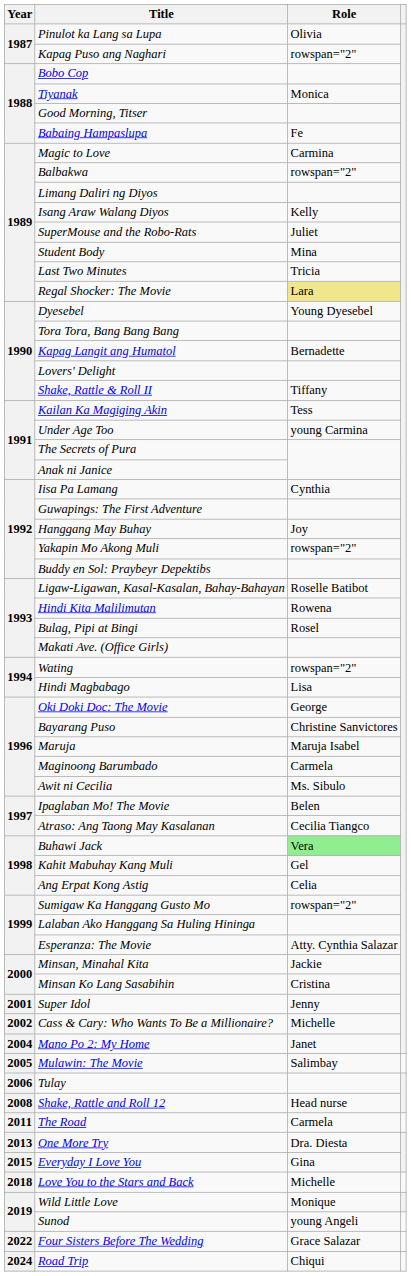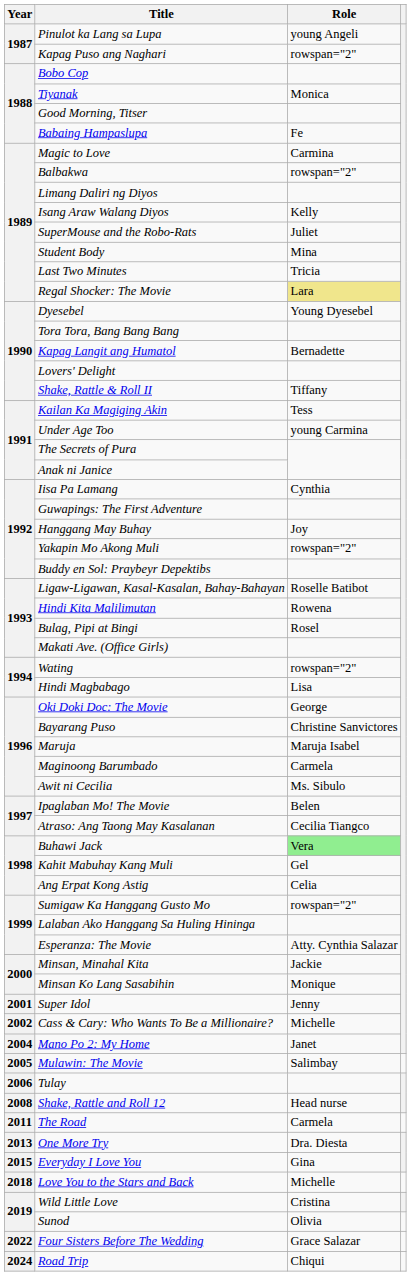 <table class="wikitable sortable plainrowheaders">
 <tr>
 <th scope="col">Year</th>
 <th scope="col">Title</th>
 <th scope="col">Role</th>
 <th scope="col"></th>
 </tr>
 <tr>
 <th scope="row" rowspan="2">1987</th>
 <td><em>Pinulot ka Lang sa Lupa</em></td>
-<td>Olivia</td>
+<td>young Angeli</td>
 <th rowspan="52" style="text-align: center;"></th>
 </tr>
 <tr>
 <td><em>Kapag Puso ang Naghari</em></td>
 <td>rowspan="2" </td>
 </tr>
 <tr>
 <th scope="row" rowspan="4">1988</th>
 <td><em><a href='#'>Bobo Cop</a></em></td>
 </tr>
 <tr>
 <td><em><a href='#'>Tiyanak</a></em></td>
 <td>Monica</td>
 </tr>
 <tr>
 <td><em>Good Morning, Titser</em></td>
 <td></td>
 </tr>
 <tr>
 <td><em><a href='#'>Babaing Hampaslupa</a></em></td>
 <td>Fe</td>
 </tr>
 <tr>
 <th scope="row" rowspan="8">1989</th>
 <td><em>Magic to Love</em></td>
 <td>Carmina</td>
 </tr>
 <tr>
 <td><em>Balbakwa</em></td>
 <td>rowspan="2" </td>
 </tr>
 <tr>
 <td><em>Limang Daliri ng Diyos</em></td>
 </tr>
 <tr>
 <td><em>Isang Araw Walang Diyos</em></td>
 <td>Kelly</td>
 </tr>
 <tr>
 <td><em>SuperMouse and the Robo-Rats</em></td>
 <td>Juliet</td>
 </tr>
 <tr>
 <td><em>Student Body</em></td>
 <td>Mina</td>
 </tr>
 <tr>
 <td><em>Last Two Minutes</em></td>
 <td>Tricia</td>
 </tr>
 <tr>
 <td><em>Regal Shocker: The Movie</em></td>
 <td style="background: khaki;">Lara</td>
 </tr>
 <tr>
 <th scope="row" rowspan="5">1990</th>
 <td><em>Dyesebel</em> </td>
 <td>Young Dyesebel</td>
 </tr>
 <tr>
 <td><em>Tora Tora, Bang Bang Bang</em> </td>
 <td></td>
 </tr>
 <tr>
 <td><em><a href='#'>Kapag Langit ang Humatol</a></em></td>
 <td>Bernadette</td>
 </tr>
 <tr>
 <td><em>Lovers' Delight</em> </td>
 <td></td>
 </tr>
 <tr>
 <td><em><a href='#'>Shake, Rattle & Roll II</a></em> </td>
 <td>Tiffany</td>
 </tr>
 <tr>
 <th scope="row" rowspan="4">1991</th>
 <td><em><a href='#'>Kailan Ka Magiging Akin</a></em></td>
 <td>Tess</td>
 </tr>
 <tr>
 <td><em>Under Age Too</em></td>
 <td>young Carmina</td>
 </tr>
 <tr>
 <td><em>The Secrets of Pura</em></td>
 <td rowspan="2"></td>
 </tr>
 <tr>
 <td><em>Anak ni Janice</em></td>
 </tr>
 <tr>
 <th scope="row" rowspan="5">1992</th>
 <td><em>Iisa Pa Lamang</em></td>
 <td>Cynthia</td>
 </tr>
 <tr>
 <td><em>Guwapings: The First Adventure</em></td>
 <td></td>
 </tr>
 <tr>
 <td><em>Hanggang May Buhay</em></td>
 <td>Joy</td>
 </tr>
 <tr>
 <td><em>Yakapin Mo Akong Muli</em></td>
 <td>rowspan="2" </td>
 </tr>
 <tr>
 <td><em>Buddy en Sol: Praybeyr Depektibs</em></td>
 </tr>
 <tr>
 <th scope="row" rowspan="4">1993</th>
 <td><em>Ligaw-Ligawan, Kasal-Kasalan, Bahay-Bahayan</em></td>
 <td>Roselle Batibot</td>
 </tr>
 <tr>
 <td><em><a href='#'>Hindi Kita Malilimutan</a></em></td>
 <td>Rowena</td>
 </tr>
 <tr>
 <td><em>Bulag, Pipi at Bingi</em></td>
 <td>Rosel</td>
 </tr>
 <tr>
 <td><em>Makati Ave. (Office Girls)</em></td>
 </tr>
 <tr>
 <th scope="row" rowspan="2">1994</th>
 <td><em>Wating</em></td>
 <td>rowspan="2" </td>
 </tr>
 <tr>
 <td><em>Hindi Magbabago</em></td>
 <td>Lisa</td>
 </tr>
 <tr>
 <th scope="row" rowspan="5">1996</th>
 <td><em><a href='#'>Oki Doki Doc: The Movie</a></em></td>
 <td>George</td>
 </tr>
 <tr>
 <td><em>Bayarang Puso</em></td>
 <td>Christine Sanvictores</td>
 </tr>
 <tr>
 <td><em>Maruja</em></td>
 <td>Maruja Isabel</td>
 </tr>
 <tr>
 <td><em>Maginoong Barumbado</em></td>
 <td>Carmela</td>
 </tr>
 <tr>
 <td><em>Awit ni Cecilia</em></td>
 <td>Ms. Sibulo</td>
 </tr>
 <tr>
 <th scope="row" rowspan="2">1997</th>
 <td><em>Ipaglaban Mo! The Movie</em></td>
 <td>Belen</td>
 </tr>
 <tr>
 <td><em>Atraso: Ang Taong May Kasalanan</em></td>
 <td>Cecilia Tiangco</td>
 </tr>
 <tr>
 <th scope="row" rowspan="3">1998</th>
 <td><em>Buhawi Jack</em></td>
 <td style="background: lightgreen;">Vera</td>
 </tr>
 <tr>
 <td><em>Kahit Mabuhay Kang Muli</em></td>
 <td>Gel</td>
 </tr>
 <tr>
 <td><em>Ang Erpat Kong Astig</em></td>
 <td>Celia</td>
 </tr>
 <tr>
 <th scope="row" rowspan="3">1999</th>
 <td><em>Sumigaw Ka Hanggang Gusto Mo</em></td>
 <td>rowspan="2" </td>
 </tr>
 <tr>
 <td><em>Lalaban Ako Hanggang Sa Huling Hininga</em></td>
 </tr>
 <tr>
 <td><em>Esperanza: The Movie</em></td>
 <td>Atty. Cynthia Salazar</td>
 </tr>
 <tr>
 <th scope="row" rowspan="2">2000</th>
 <td><em>Minsan, Minahal Kita</em></td>
 <td>Jackie</td>
 </tr>
 <tr>
 <td><em>Minsan Ko Lang Sasabihin</em></td>
-<td>Cristina</td>
+<td>Monique</td>
 </tr>
 <tr>
 <th scope="row">2001</th>
 <td><em>Super Idol</em></td>
 <td>Jenny</td>
 </tr>
 <tr>
 <th scope="row">2002</th>
 <td><em>Cass & Cary: Who Wants To Be a Millionaire?</em></td>
 <td>Michelle</td>
 </tr>
 <tr>
 <th scope="row">2004</th>
 <td><em><a href='#'>Mano Po 2: My Home</a></em></td>
 <td>Janet</td>
 </tr>
 <tr>
 <th scope="row">2005</th>
 <td><em><a href='#'>Mulawin: The Movie</a></em></td>
 <td>Salimbay</td>
 <td style="text-align: center;"></td>
 </tr>
 <tr>
 <th scope="row">2006</th>
 <td><em>Tulay</em></td>
 <td></td>
 <th rowspan="2" style="text-align: center;"></th>
 </tr>
 <tr>
 <th scope="row">2008</th>
 <td><em><a href='#'>Shake, Rattle and Roll 12</a></em></td>
 <td>Head nurse</td>
 </tr>
 <tr>
 <th scope="row">2011</th>
 <td><em><a href='#'>The Road</a></em></td>
 <td>Carmela</td>
 <td style="text-align: center;"></td>
 </tr>
 <tr>
 <th scope="row">2013</th>
 <td><em><a href='#'>One More Try</a></em></td>
 <td>Dra. Diesta</td>
 <th rowspan="2" style="text-align: center;"></th>
 </tr>
 <tr>
 <th scope="row">2015</th>
 <td><em><a href='#'>Everyday I Love You</a></em></td>
 <td>Gina</td>
 </tr>
 <tr>
 <th scope="row">2018</th>
 <td><em><a href='#'>Love You to the Stars and Back</a></em></td>
 <td>Michelle</td>
 <td style="text-align: center;"></td>
 </tr>
 <tr>
 <th scope="row" rowspan="2">2019</th>
 <td><em>Wild Little Love</em></td>
-<td>Monique</td>
+<td>Cristina</td>
 <th style="text-align: center;"></th>
 </tr>
 <tr>
 <td><em>Sunod</em></td>
-<td>young Angeli</td>
+<td>Olivia</td>
 <td style="text-align: center;"></td>
 </tr>
 <tr>
 <th scope="row">2022</th>
 <td><em><a href='#'>Four Sisters Before The Wedding</a></em></td>
 <td>Grace Salazar</td>
 <td style="text-align: center;"></td>
 </tr>
 <tr>
 <th scope="row">2024</th>
 <td><em><a href='#'>Road Trip</a></em></td>
 <td>Chiqui</td>
 <td></td>
 </tr>
 </table>
